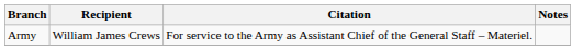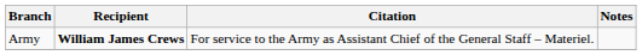 <table class="wikitable" style="font-size:95%;">
 <tr>
 <th>Branch</th>
 <th>Recipient</th>
 <th>Citation</th>
 <th>Notes</th>
 </tr>
 <tr>
 <td>Army</td>
-<td> William James Crews</td>
+<td><strong> William James Crews</strong></td>
 <td>For service to the Army as Assistant Chief of the General Staff – Materiel.</td>
 <td></td>
 </tr>
 <tr>
 </tr>
 </table>
